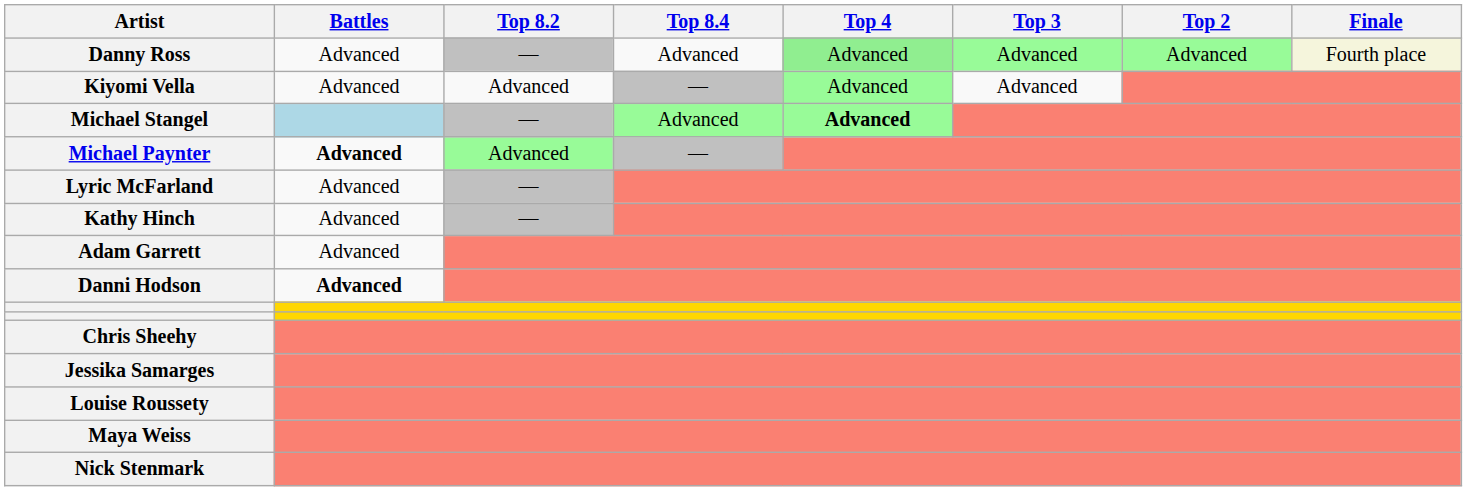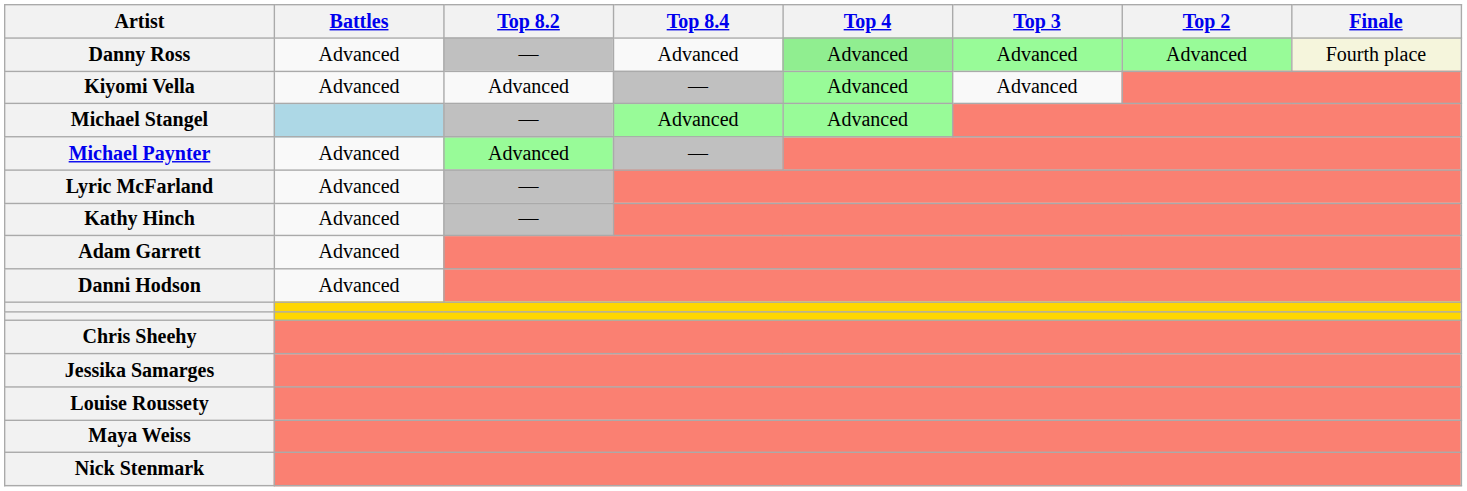 <table class="wikitable plainrowheaders"  style="text-align:center; font-size:90%;">
 <tr>
 <th style="width:13em;">Artist</th>
 <th style="width:8em;"><a href='#'>Battles</a></th>
 <th style="width:8em;"><a href='#'>Top 8.2</a></th>
 <th style="width:8em;"><a href='#'>Top 8.4</a></th>
 <th style="width:8em;"><a href='#'>Top 4</a></th>
 <th style="width:8em;"><a href='#'>Top 3</a></th>
 <th style="width:8em;"><a href='#'>Top 2</a></th>
 <th style="width:8em;"><a href='#'>Finale</a></th>
 </tr>
 <tr>
 <th>Danny Ross</th>
 <td>Advanced</td>
 <td style="background:silver;">—</td>
 <td>Advanced</td>
 <td style="background: lightgreen;">Advanced</td>
 <td style="background:palegreen">Advanced</td>
 <td style="background:palegreen">Advanced</td>
 <td style="background:beige">Fourth place</td>
 </tr>
 <tr>
 <th>Kiyomi Vella</th>
 <td>Advanced</td>
 <td>Advanced</td>
 <td style="background:silver;">—</td>
 <td style="background:palegreen">Advanced</td>
 <td>Advanced</td>
 <td colspan=5 style="background:salmon"></td>
 </tr>
 <tr>
 <th>Michael Stangel</th>
 <td style="background:lightblue"></td>
 <td style="background:silver;">—</td>
 <td style="background:palegreen">Advanced</td>
-<td style="background:palegreen"><strong>Advanced</strong></td>
+<td style="background:palegreen">Advanced</td>
 <td colspan=5 style="background:salmon"></td>
 </tr>
 <tr>
 <th><a href='#'>Michael Paynter</a></th>
-<td><strong>Advanced</strong></td>
+<td>Advanced</td>
 <td style="background:palegreen">Advanced</td>
 <td style="background:silver;">—</td>
 <td colspan=5 style="background:salmon"></td>
 </tr>
 <tr>
 <th>Lyric McFarland</th>
 <td>Advanced</td>
 <td style="background:silver;">—</td>
 <td colspan=5 style="background:salmon"></td>
 </tr>
 <tr>
 <th>Kathy Hinch</th>
 <td>Advanced</td>
 <td style="background:silver;">—</td>
 <td colspan=5 style="background:salmon"></td>
 </tr>
 <tr>
 <th>Adam Garrett</th>
 <td>Advanced</td>
 <td colspan=6 style="background:salmon"></td>
 </tr>
 <tr>
 <th>Danni Hodson</th>
-<td><strong>Advanced</strong></td>
+<td>Advanced</td>
 <td colspan=6 style="background:salmon"></td>
 </tr>
 <tr>
 <th></th>
 <td colspan=7 style="background:gold"></td>
 </tr>
 <tr>
 <th></th>
 <td colspan=7 style="background:gold"></td>
 </tr>
 <tr>
 <th>Chris Sheehy</th>
 <td colspan=7 style="background:salmon"></td>
 </tr>
 <tr>
 <th>Jessika Samarges</th>
 <td colspan=7 style="background:salmon"></td>
 </tr>
 <tr>
 <th>Louise Roussety</th>
 <td colspan=7 style="background:salmon"></td>
 </tr>
 <tr>
 <th>Maya Weiss</th>
 <td colspan=7 style="background:salmon"></td>
 </tr>
 <tr>
 <th>Nick Stenmark</th>
 <td colspan=7 style="background:salmon"></td>
 </tr>
 </table>
